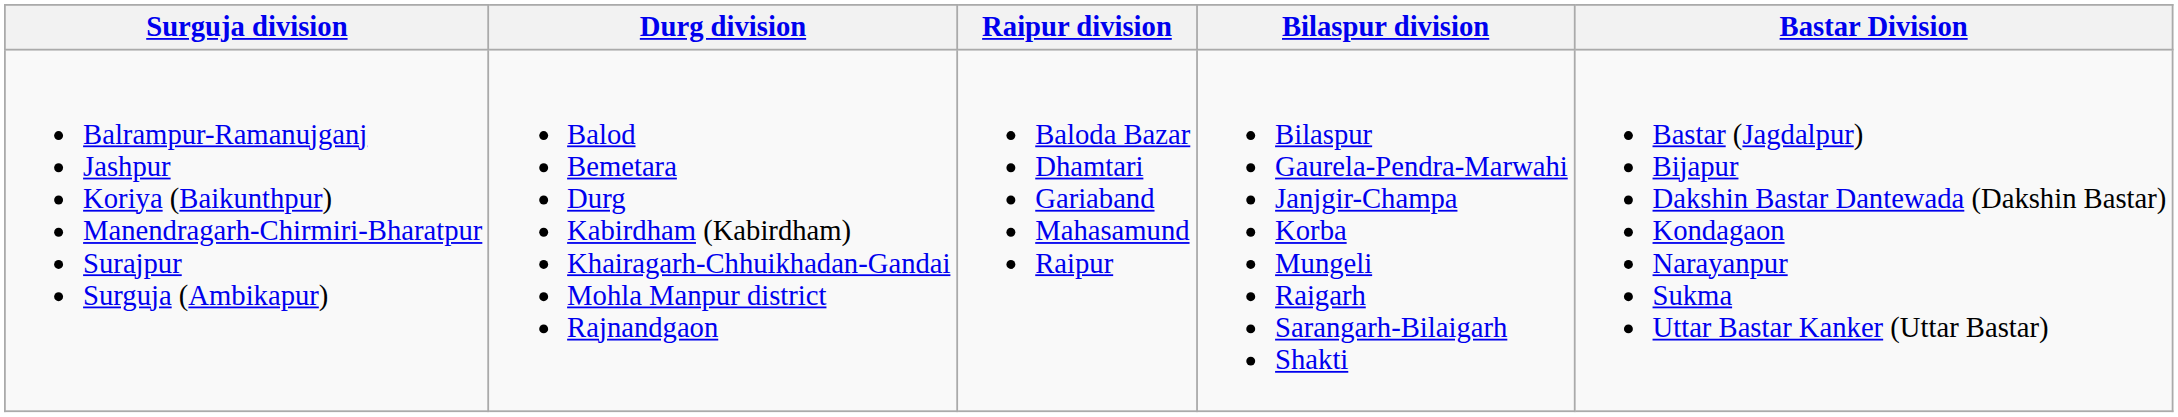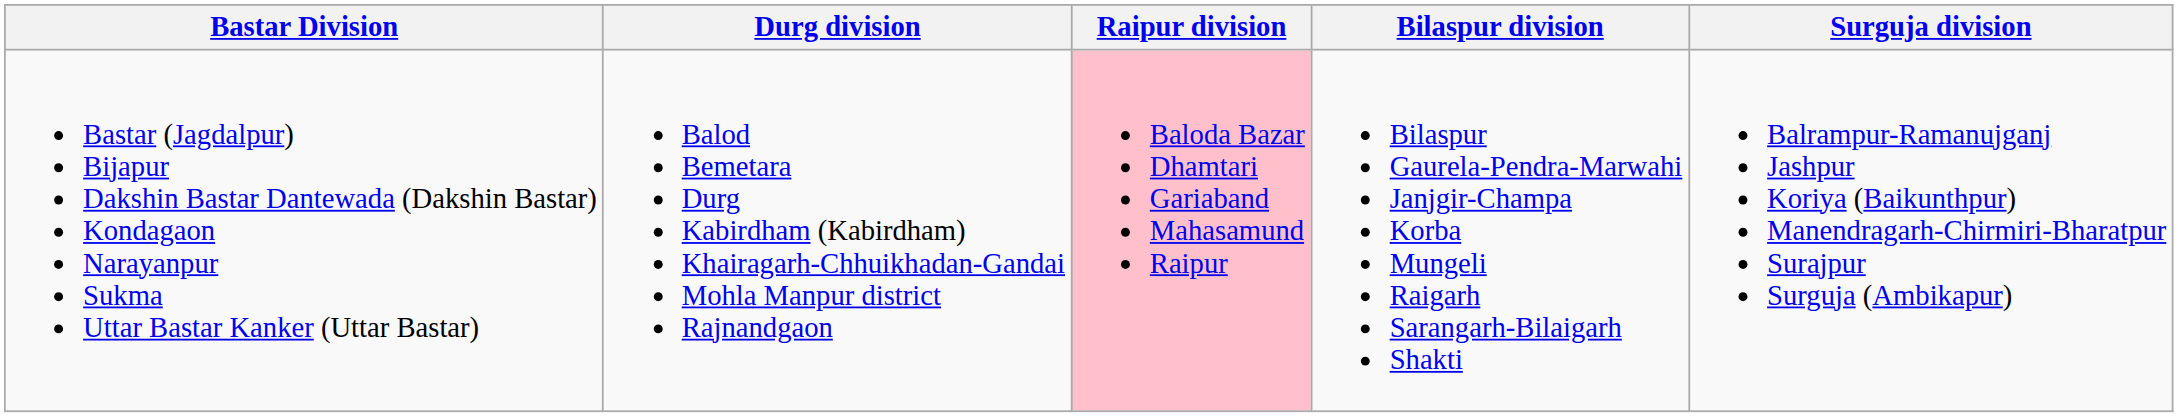 <table class="wikitable" style="text-align: left;">
 <tr>
-<th><a href='#'>Surguja division</a></th>
+<th><a href='#'>Bastar Division</a></th>
 <th><a href='#'>Durg division</a></th>
 <th><a href='#'>Raipur division</a></th>
 <th><a href='#'>Bilaspur division</a></th>
-<th><a href='#'>Bastar Division</a></th>
+<th><a href='#'>Surguja division</a></th>
 </tr>
 <tr style="vertical-align: top;">
+<td><br><ul><li><a href='#'>Bastar</a> (<a href='#'>Jagdalpur</a>)</li><li><a href='#'>Bijapur</a></li><li><a href='#'>Dakshin Bastar Dantewada</a> (Dakshin Bastar)</li><li><a href='#'>Kondagaon</a></li><li><a href='#'>Narayanpur</a></li><li><a href='#'>Sukma</a></li><li><a href='#'>Uttar Bastar Kanker</a> (Uttar Bastar)</li></ul></td>
+<td><br><ul><li><a href='#'>Balod</a></li><li><a href='#'>Bemetara</a></li><li><a href='#'>Durg</a></li><li><a href='#'>Kabirdham</a> (Kabirdham)</li><li><a href='#'>Khairagarh-Chhuikhadan-Gandai</a></li><li><a href='#'>Mohla Manpur district</a></li><li><a href='#'>Rajnandgaon</a></li></ul></td>
+<td style="background: pink;"><br><ul><li><a href='#'>Baloda Bazar</a></li><li><a href='#'>Dhamtari</a></li><li><a href='#'>Gariaband</a></li><li><a href='#'>Mahasamund</a></li><li><a href='#'>Raipur</a></li></ul></td>
+<td><br><ul><li><a href='#'>Bilaspur</a></li><li><a href='#'>Gaurela-Pendra-Marwahi</a></li><li><a href='#'>Janjgir-Champa</a></li><li><a href='#'>Korba</a></li><li><a href='#'>Mungeli</a></li><li><a href='#'>Raigarh</a></li><li><a href='#'>Sarangarh-Bilaigarh</a></li><li><a href='#'>Shakti</a></li></ul></td>
 <td><br><ul><li><a href='#'>Balrampur-Ramanujganj</a></li><li><a href='#'>Jashpur</a></li><li><a href='#'>Koriya</a> (<a href='#'>Baikunthpur</a>)</li><li><a href='#'>Manendragarh-Chirmiri-Bharatpur</a></li><li><a href='#'>Surajpur</a></li><li><a href='#'>Surguja</a> (<a href='#'>Ambikapur</a>)</li></ul></td>
-<td><br><ul><li><a href='#'>Balod</a></li><li><a href='#'>Bemetara</a></li><li><a href='#'>Durg</a></li><li><a href='#'>Kabirdham</a> (Kabirdham)</li><li><a href='#'>Khairagarh-Chhuikhadan-Gandai</a></li><li><a href='#'>Mohla Manpur district</a></li><li><a href='#'>Rajnandgaon</a></li></ul></td>
-<td><br><ul><li><a href='#'>Baloda Bazar</a></li><li><a href='#'>Dhamtari</a></li><li><a href='#'>Gariaband</a></li><li><a href='#'>Mahasamund</a></li><li><a href='#'>Raipur</a></li></ul></td>
-<td><br><ul><li><a href='#'>Bilaspur</a></li><li><a href='#'>Gaurela-Pendra-Marwahi</a></li><li><a href='#'>Janjgir-Champa</a></li><li><a href='#'>Korba</a></li><li><a href='#'>Mungeli</a></li><li><a href='#'>Raigarh</a></li><li><a href='#'>Sarangarh-Bilaigarh</a></li><li><a href='#'>Shakti</a></li></ul></td>
-<td><br><ul><li><a href='#'>Bastar</a> (<a href='#'>Jagdalpur</a>)</li><li><a href='#'>Bijapur</a></li><li><a href='#'>Dakshin Bastar Dantewada</a> (Dakshin Bastar)</li><li><a href='#'>Kondagaon</a></li><li><a href='#'>Narayanpur</a></li><li><a href='#'>Sukma</a></li><li><a href='#'>Uttar Bastar Kanker</a> (Uttar Bastar)</li></ul></td>
 </tr>
 </table>
